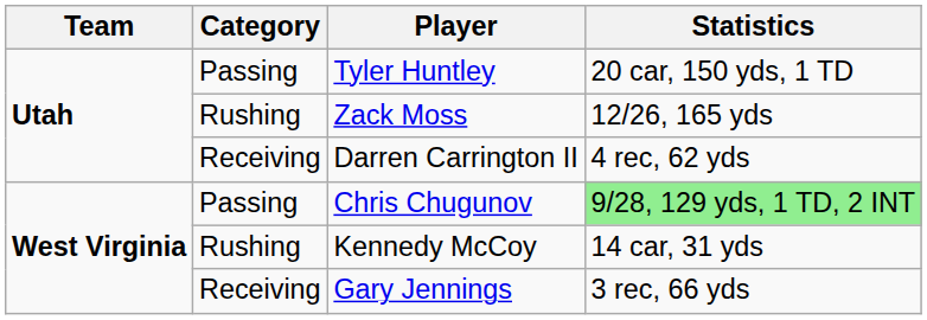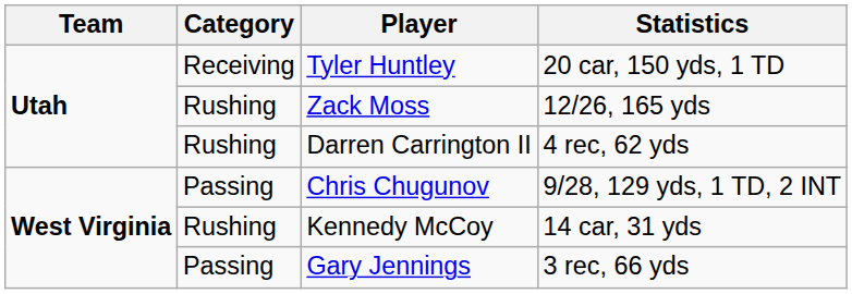 <table class="wikitable">
 <tr>
 <th>Team</th>
 <th>Category</th>
 <th>Player</th>
 <th>Statistics</th>
 </tr>
 <tr>
 <td rowspan=3><strong>Utah</strong></td>
-<td>Passing</td>
+<td>Receiving</td>
 <td><a href='#'>Tyler Huntley</a></td>
 <td>20 car, 150 yds, 1 TD</td>
 </tr>
 <tr>
 <td>Rushing</td>
 <td><a href='#'>Zack Moss</a></td>
 <td>12/26, 165 yds</td>
 </tr>
 <tr>
-<td>Receiving</td>
+<td>Rushing</td>
 <td>Darren Carrington II</td>
 <td>4 rec, 62 yds</td>
 </tr>
 <tr>
 <td rowspan=3><strong>West Virginia</strong></td>
 <td>Passing</td>
 <td><a href='#'>Chris Chugunov</a></td>
-<td style="background: lightgreen;">9/28, 129 yds, 1 TD, 2 INT</td>
+<td>9/28, 129 yds, 1 TD, 2 INT</td>
 </tr>
 <tr>
 <td>Rushing</td>
 <td>Kennedy McCoy</td>
 <td>14 car, 31 yds</td>
 </tr>
 <tr>
-<td>Receiving</td>
+<td>Passing</td>
 <td><a href='#'>Gary Jennings</a></td>
 <td>3 rec, 66 yds</td>
 </tr>
 </table>
